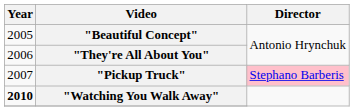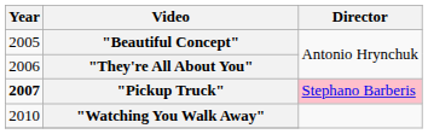 <table class="wikitable plainrowheaders">
 <tr>
 <th>Year</th>
 <th style="width:16em;">Video</th>
 <th>Director</th>
 </tr>
 <tr>
 <td>2005</td>
 <th scope="row">"Beautiful Concept"</th>
 <td rowspan="2">Antonio Hrynchuk</td>
 </tr>
 <tr>
 <td>2006</td>
 <th scope="row">"They're All About You"</th>
 </tr>
 <tr>
-<td rowspan="1">2007</td>
+<td rowspan="1"><strong>2007</strong></td>
 <th scope="row">"Pickup Truck"</th>
 <td style="background: pink;"><a href='#'>Stephano Barberis</a><br></td>
 </tr>
 <tr>
-<td rowspan="1"><strong>2010<br></strong></td>
+<td rowspan="1">2010<br></td>
 <th scope="row">"Watching You Walk Away"<br></th>
 </tr>
 <tr>
 </tr>
 </table>
